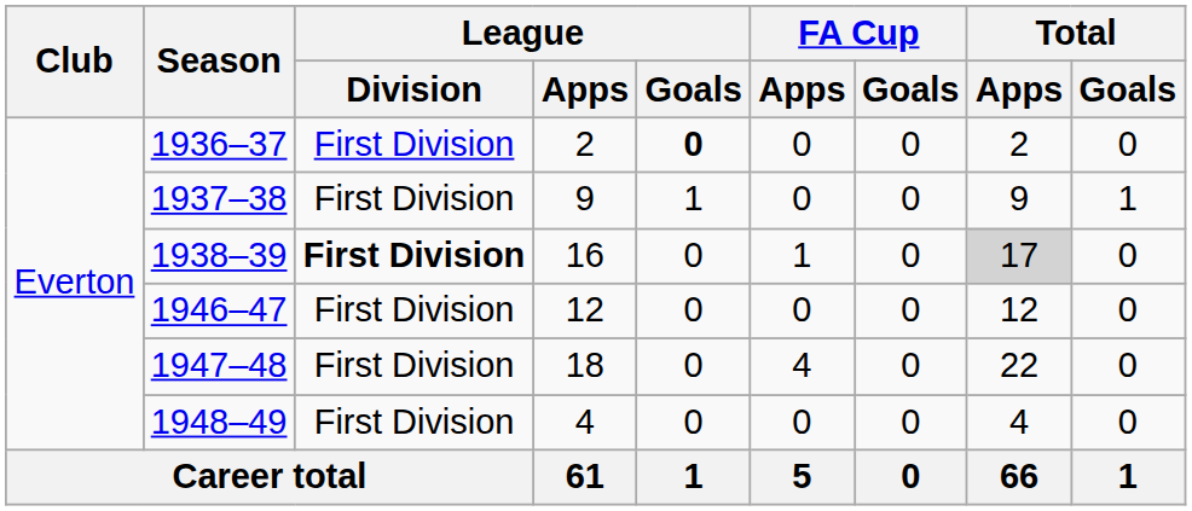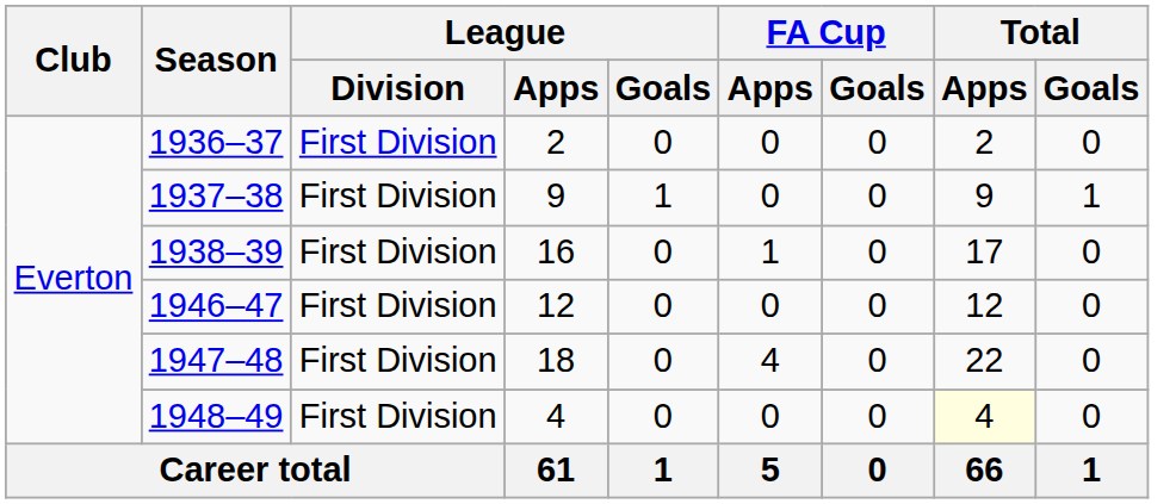 <table class="wikitable" style="text-align:center">
 <tr>
 <th rowspan="2">Club</th>
 <th rowspan="2">Season</th>
 <th colspan="3">League</th>
 <th colspan="2"><a href='#'>FA Cup</a></th>
 <th colspan="2">Total</th>
 </tr>
 <tr>
 <th>Division</th>
 <th>Apps</th>
 <th>Goals</th>
 <th>Apps</th>
 <th>Goals</th>
 <th>Apps</th>
 <th>Goals</th>
 </tr>
 <tr>
 <td rowspan="6"><a href='#'>Everton</a></td>
 <td><a href='#'>1936–37</a></td>
 <td><a href='#'>First Division</a></td>
 <td>2</td>
-<td><strong>0</strong></td>
+<td>0</td>
 <td>0</td>
 <td>0</td>
 <td>2</td>
 <td>0</td>
 </tr>
 <tr>
 <td><a href='#'>1937–38</a></td>
 <td>First Division</td>
 <td>9</td>
 <td>1</td>
 <td>0</td>
 <td>0</td>
 <td>9</td>
 <td>1</td>
 </tr>
 <tr>
 <td><a href='#'>1938–39</a></td>
-<td><strong>First Division</strong></td>
+<td>First Division</td>
 <td>16</td>
 <td>0</td>
 <td>1</td>
 <td>0</td>
-<td style="background: lightgrey;">17</td>
+<td>17</td>
 <td>0</td>
 </tr>
 <tr>
 <td><a href='#'>1946–47</a></td>
 <td>First Division</td>
 <td>12</td>
 <td>0</td>
 <td>0</td>
 <td>0</td>
 <td>12</td>
 <td>0</td>
 </tr>
 <tr>
 <td><a href='#'>1947–48</a></td>
 <td>First Division</td>
 <td>18</td>
 <td>0</td>
 <td>4</td>
 <td>0</td>
 <td>22</td>
 <td>0</td>
 </tr>
 <tr>
 <td><a href='#'>1948–49</a></td>
 <td>First Division</td>
 <td>4</td>
 <td>0</td>
 <td>0</td>
 <td>0</td>
-<td>4</td>
+<td style="background: lightyellow;">4</td>
 <td>0</td>
 </tr>
 <tr>
 <th colspan="3">Career total</th>
 <th>61</th>
 <th>1</th>
 <th>5</th>
 <th>0</th>
 <th>66</th>
 <th>1</th>
 </tr>
 </table>
